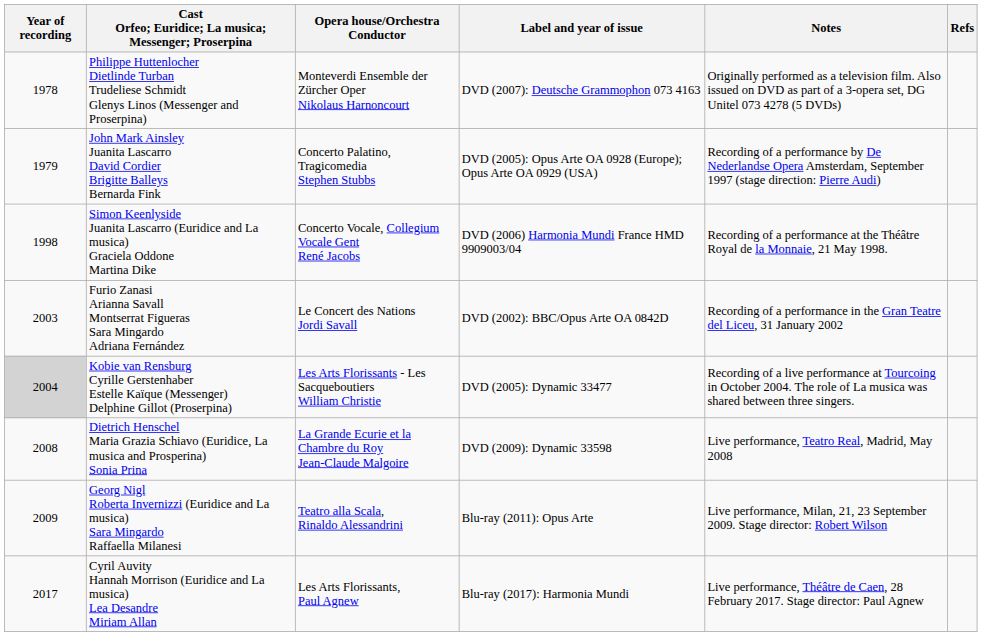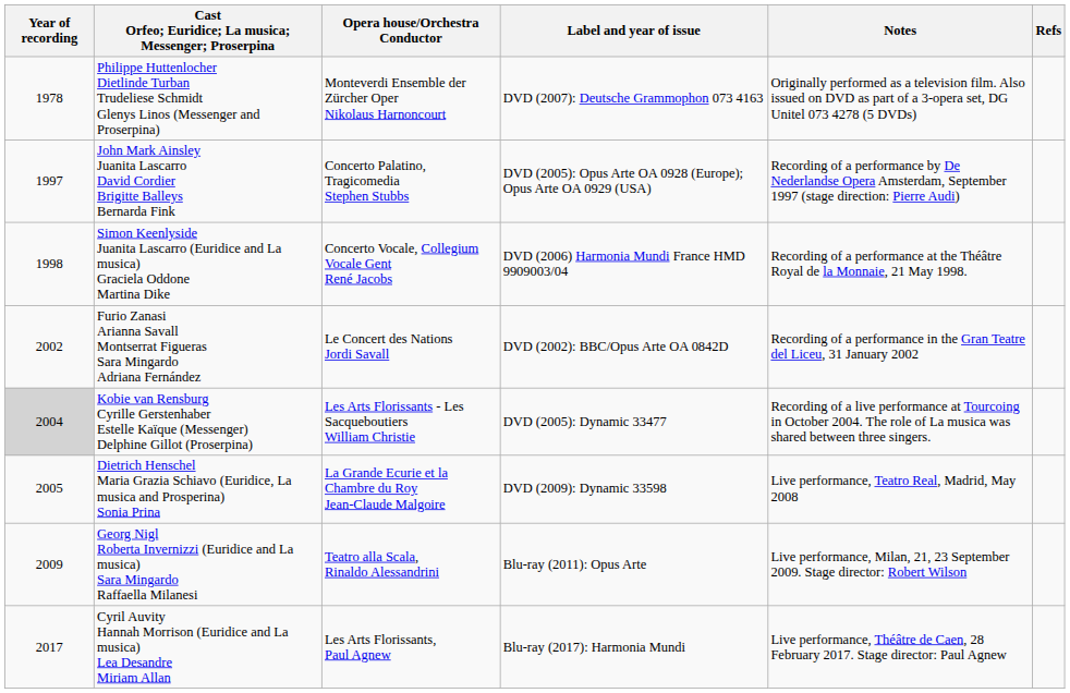 <table class= "wikitable">
 <tr>
 <th>Year of recording</th>
 <th>Cast<br>Orfeo; Euridice; La musica; Messenger; Proserpina</th>
 <th>Opera house/Orchestra<br>Conductor</th>
 <th>Label and year of issue</th>
 <th width=25%>Notes</th>
 <th>Refs</th>
 </tr>
 <tr>
 <td align= "center">1978</td>
 <td><a href='#'>Philippe Huttenlocher</a><br><a href='#'>Dietlinde Turban</a><br>Trudeliese Schmidt<br>Glenys Linos (Messenger and Proserpina)</td>
 <td>Monteverdi Ensemble der Zürcher Oper<br><a href='#'>Nikolaus Harnoncourt</a></td>
 <td>DVD (2007): <a href='#'>Deutsche Grammophon</a> 073 4163</td>
 <td>Originally performed as a television film. Also issued on DVD as part of a 3-opera set, DG Unitel 073 4278 (5 DVDs)</td>
 <td></td>
 </tr>
 <tr>
-<td align= "center">1979</td>
+<td align= "center">1997</td>
 <td><a href='#'>John Mark Ainsley</a><br>Juanita Lascarro<br><a href='#'>David Cordier</a><br><a href='#'>Brigitte Balleys</a><br>Bernarda Fink</td>
 <td>Concerto Palatino, Tragicomedia<br><a href='#'>Stephen Stubbs</a></td>
 <td>DVD (2005): Opus Arte OA 0928 (Europe);  Opus Arte OA 0929 (USA)</td>
 <td>Recording of a performance by <a href='#'>De Nederlandse Opera</a> Amsterdam, September 1997 (stage direction: <a href='#'>Pierre Audi</a>)</td>
 <td></td>
 </tr>
 <tr>
 <td align= "center">1998</td>
 <td><a href='#'>Simon Keenlyside</a><br>Juanita Lascarro (Euridice and La musica)<br>Graciela Oddone<br>Martina Dike</td>
 <td>Concerto Vocale, <a href='#'>Collegium Vocale Gent</a><br><a href='#'>René Jacobs</a></td>
 <td>DVD (2006) <a href='#'>Harmonia Mundi</a> France HMD 9909003/04</td>
 <td>Recording of a performance at the Théâtre Royal de <a href='#'>la Monnaie</a>, 21 May 1998.</td>
 <td><br></td>
 </tr>
 <tr>
-<td align= "center">2003</td>
+<td align= "center">2002</td>
 <td>Furio Zanasi<br>Arianna Savall<br>Montserrat Figueras<br>Sara Mingardo<br>Adriana Fernández</td>
 <td>Le Concert des Nations<br><a href='#'>Jordi Savall</a></td>
 <td>DVD (2002): BBC/Opus Arte OA 0842D</td>
 <td>Recording of a performance in the <a href='#'>Gran Teatre del Liceu</a>, 31 January 2002</td>
 <td><br></td>
 </tr>
 <tr>
 <td align= "center" style="background: lightgrey;">2004</td>
 <td><a href='#'>Kobie van Rensburg</a><br>Cyrille Gerstenhaber<br>Estelle Kaïque (Messenger)<br>Delphine Gillot (Proserpina)</td>
 <td><a href='#'>Les Arts Florissants</a> - Les Sacqueboutiers<br> <a href='#'>William Christie</a></td>
 <td>DVD (2005):  Dynamic 33477</td>
 <td>Recording of a live performance at <a href='#'>Tourcoing</a> in October 2004. The role of La musica was shared between three singers.</td>
 <td></td>
 </tr>
 <tr>
-<td align= "center">2008</td>
+<td align= "center">2005</td>
 <td><a href='#'>Dietrich Henschel</a><br>Maria Grazia Schiavo (Euridice,  La musica and Prosperina)<br><a href='#'>Sonia Prina</a></td>
 <td><a href='#'>La Grande Ecurie et la Chambre du Roy</a><br><a href='#'>Jean-Claude Malgoire</a></td>
 <td>DVD (2009): Dynamic 33598</td>
 <td>Live performance, <a href='#'>Teatro Real</a>, Madrid, May 2008</td>
 <td></td>
 </tr>
 <tr>
 <td align= "center">2009</td>
 <td><a href='#'>Georg Nigl</a><br><a href='#'>Roberta Invernizzi</a> (Euridice and  La musica)<br><a href='#'>Sara Mingardo</a><br>Raffaella Milanesi</td>
 <td><a href='#'>Teatro alla Scala</a>,<br><a href='#'>Rinaldo Alessandrini</a></td>
 <td>Blu-ray (2011): Opus Arte</td>
 <td>Live performance, Milan, 21, 23 September 2009. Stage director: <a href='#'>Robert Wilson</a></td>
 <td></td>
 </tr>
 <tr>
 <td align= "center">2017</td>
 <td>Cyril Auvity<br>Hannah Morrison (Euridice and  La musica)<br><a href='#'>Lea Desandre</a><br><a href='#'>Miriam Allan</a></td>
 <td>Les Arts Florissants,<br><a href='#'>Paul Agnew</a></td>
 <td>Blu-ray (2017): Harmonia Mundi</td>
 <td>Live performance, <a href='#'>Théâtre de Caen</a>, 28 February 2017. Stage director: Paul Agnew</td>
 <td><br></td>
 </tr>
 </table>
